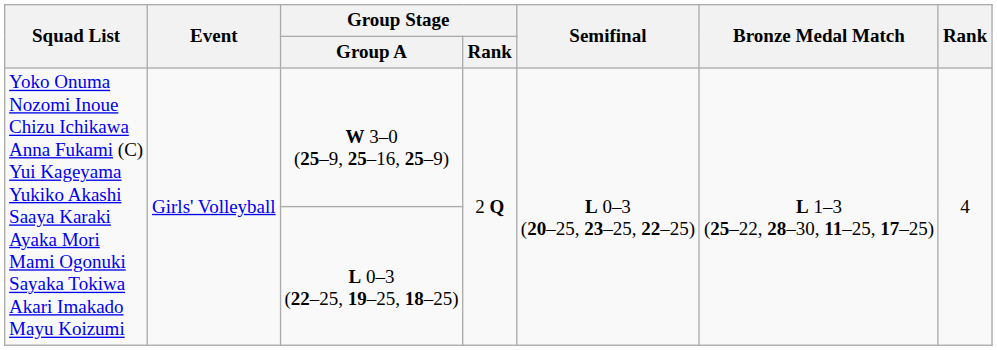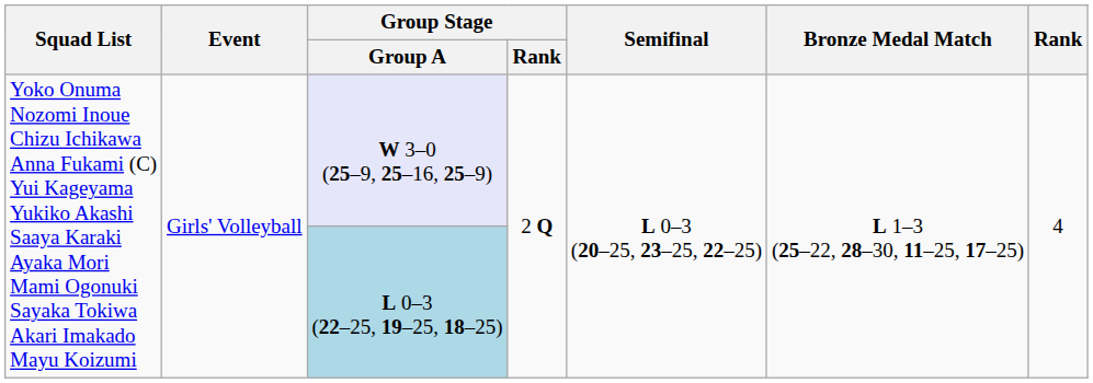 <table class=wikitable style="font-size:90%">
 <tr>
 <th rowspan=2>Squad List</th>
 <th rowspan=2>Event</th>
 <th colspan=2>Group Stage</th>
 <th rowspan=2>Semifinal</th>
 <th rowspan=2>Bronze Medal Match</th>
 <th rowspan=2>Rank</th>
 </tr>
 <tr>
 <th>Group A</th>
 <th>Rank</th>
 </tr>
 <tr>
 <td rowspan=2><a href='#'>Yoko Onuma</a><br><a href='#'>Nozomi Inoue</a><br><a href='#'>Chizu Ichikawa</a><br><a href='#'>Anna Fukami</a> (C)<br><a href='#'>Yui Kageyama</a><br><a href='#'>Yukiko Akashi</a><br><a href='#'>Saaya Karaki</a><br><a href='#'>Ayaka Mori</a><br><a href='#'>Mami Ogonuki</a><br><a href='#'>Sayaka Tokiwa</a><br><a href='#'>Akari Imakado</a><br><a href='#'>Mayu Koizumi</a></td>
 <td rowspan=2><a href='#'>Girls' Volleyball</a></td>
-<td align=center><br> <strong>W</strong> 3–0<br> (<strong>25</strong>–9, <strong>25</strong>–16, <strong>25</strong>–9)</td>
+<td align=center style="background: lavender;"><br> <strong>W</strong> 3–0<br> (<strong>25</strong>–9, <strong>25</strong>–16, <strong>25</strong>–9)</td>
 <td rowspan=2 align=center>2 <strong>Q</strong></td>
 <td rowspan=2 align=center><br> <strong>L</strong> 0–3<br> (<strong>20</strong>–25, <strong>23</strong>–25, <strong>22</strong>–25)</td>
 <td rowspan=2 align=center><br> <strong>L</strong> 1–3<br> (<strong>25</strong>–22, <strong>28</strong>–30, <strong>11</strong>–25, <strong>17</strong>–25)</td>
 <td rowspan=2 align=center>4</td>
 </tr>
 <tr>
-<td align=center><br> <strong>L</strong> 0–3<br> (<strong>22</strong>–25, <strong>19</strong>–25, <strong>18</strong>–25)</td>
+<td align=center style="background: lightblue;"><br> <strong>L</strong> 0–3<br> (<strong>22</strong>–25, <strong>19</strong>–25, <strong>18</strong>–25)</td>
 </tr>
 </table>
